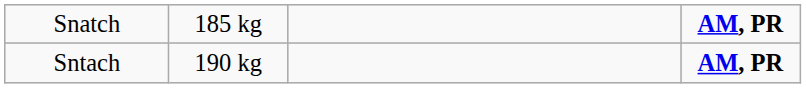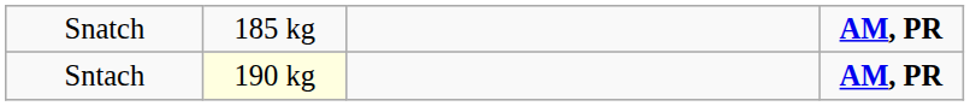 <table class = "wikitable" style="text-align:center;">
 <tr>
 <td width=100>Snatch</td>
 <td width=70>185 kg</td>
 <td width=250></td>
 <td width=70><strong><a href='#'>AM</a>, PR</strong></td>
 </tr>
 <tr>
 <td>Sntach</td>
-<td>190 kg</td>
+<td style="background: lightyellow;">190 kg</td>
 <td></td>
 <td><strong><a href='#'>AM</a>, PR</strong></td>
 </tr>
 </table>
